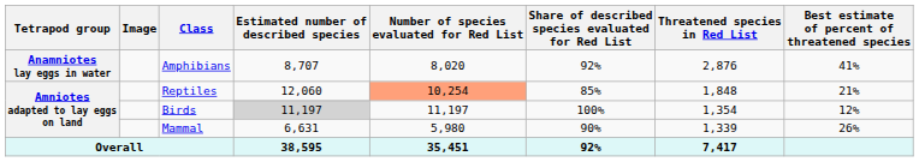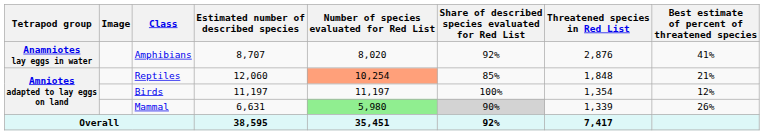 <table class="wikitable">
 <tr>
 <th>Tetrapod group</th>
 <th>Image</th>
 <th><a href='#'>Class</a></th>
 <th>Estimated number of<br>described species</th>
 <th>Number of species <br> evaluated for Red List</th>
 <th>Share of described<br>species evaluated<br> for Red List</th>
 <th>Threatened species<br>in <a href='#'>Red List</a></th>
 <th>Best estimate<br>of percent of<br>threatened species</th>
 </tr>
 <tr>
 <th><a href='#'>Anamniotes</a><br><small>lay eggs in water</small></th>
 <td></td>
 <td><a href='#'>Amphibians</a></td>
 <td align=center>8,707</td>
 <td align=center>8,020</td>
 <td align=center>92%</td>
 <td align=center>2,876</td>
 <td align=center>41%</td>
 </tr>
 <tr>
 <th rowspan="3"><a href='#'>Amniotes</a><br><small>adapted to lay eggs<br>on land</small></th>
 <td></td>
 <td><a href='#'>Reptiles</a></td>
 <td align=center>12,060</td>
 <td align=center style="background: lightsalmon;">10,254</td>
 <td align=center>85%</td>
 <td align=center>1,848</td>
 <td align=center>21%</td>
 </tr>
 <tr>
 <td></td>
 <td><a href='#'>Birds</a></td>
-<td align=center style="background: lightgrey;">11,197</td>
+<td align=center>11,197</td>
 <td align=center>11,197</td>
 <td align=center>100%</td>
 <td align=center>1,354</td>
 <td align="center">12%</td>
 </tr>
 <tr>
 <td></td>
 <td><a href='#'>Mammal</a></td>
 <td align=center>6,631</td>
-<td align=center>5,980</td>
-<td align=center>90%</td>
+<td align=center style="background: lightgreen;">5,980</td>
+<td align=center style="background: lightgrey;">90%</td>
 <td align=center>1,339</td>
 <td align=center>26%</td>
 </tr>
 <tr>
 <th colspan=3 style="background:#ddf8f8;">Overall</th>
 <th align=center style="background:#ddf8f8;">38,595</th>
 <th align=center style="background:#ddf8f8;">35,451</th>
 <th align=center style="background:#ddf8f8;">92%</th>
 <th align=center style="background:#ddf8f8;">7,417</th>
 <th align=center style="background:#ddf8f8;"></th>
 </tr>
 </table>
